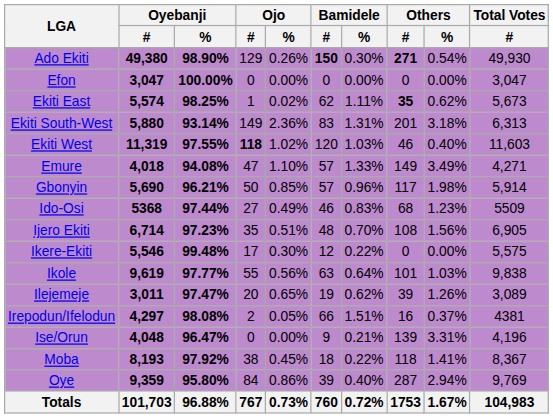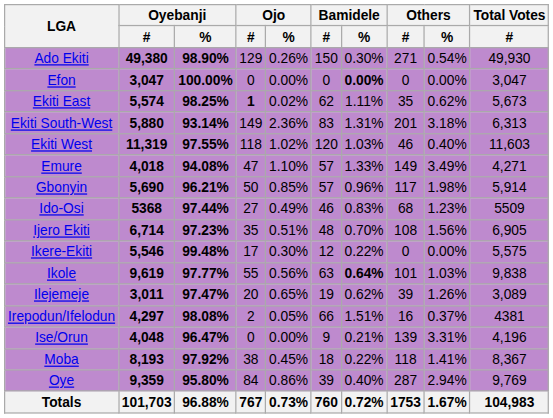 <table class="wikitable sortable" style=" font-size: 70%">
 <tr>
 <th rowspan="2">LGA</th>
 <th colspan="2">Oyebanji</th>
 <th colspan="2">Ojo</th>
 <th colspan="2">Bamidele</th>
 <th colspan="2">Others</th>
 <th>Total Votes</th>
 </tr>
 <tr>
 <th>#</th>
 <th>%</th>
 <th>#</th>
 <th>%</th>
 <th>#</th>
 <th>%</th>
 <th>#</th>
 <th>%</th>
 <th>#</th>
 </tr>
 <tr>
 <td bgcolor=#be8ace align="center"><a href='#'>Ado Ekiti</a></td>
 <td bgcolor=#be8ace align="center"><strong>49,380</strong></td>
 <td bgcolor=#be8ace align="center"><strong>98.90%</strong></td>
 <td bgcolor=#be8ace align="center">129</td>
 <td bgcolor=#be8ace align="center">0.26%</td>
-<td bgcolor=#be8ace align="center"><strong>150</strong></td>
+<td bgcolor=#be8ace align="center">150</td>
 <td bgcolor=#be8ace align="center">0.30%</td>
-<td bgcolor=#be8ace align="center"><strong>271</strong></td>
+<td bgcolor=#be8ace align="center">271</td>
 <td bgcolor=#be8ace align="center">0.54%</td>
 <td bgcolor=#be8ace align="center">49,930</td>
 </tr>
 <tr>
 <td bgcolor=#be8ace align="center"><a href='#'>Efon</a></td>
 <td bgcolor=#be8ace align="center"><strong>3,047</strong></td>
 <td bgcolor=#be8ace align="center"><strong>100.00%</strong></td>
 <td bgcolor=#be8ace align="center">0</td>
 <td bgcolor=#be8ace align="center">0.00%</td>
 <td bgcolor=#be8ace align="center">0</td>
-<td bgcolor=#be8ace align="center">0.00%</td>
+<td bgcolor=#be8ace align="center"><strong>0.00%</strong></td>
 <td bgcolor=#be8ace align="center">0</td>
 <td bgcolor=#be8ace align="center">0.00%</td>
 <td bgcolor=#be8ace align="center">3,047</td>
 </tr>
 <tr>
 <td bgcolor=#be8ace align="center"><a href='#'>Ekiti East</a></td>
 <td bgcolor=#be8ace align="center"><strong>5,574</strong></td>
 <td bgcolor=#be8ace align="center"><strong>98.25%</strong></td>
-<td bgcolor=#be8ace align="center">1</td>
+<td bgcolor=#be8ace align="center"><strong>1</strong></td>
 <td bgcolor=#be8ace align="center">0.02%</td>
 <td bgcolor=#be8ace align="center">62</td>
 <td bgcolor=#be8ace align="center">1.11%</td>
-<td bgcolor=#be8ace align="center"><strong>35</strong></td>
+<td bgcolor=#be8ace align="center">35</td>
 <td bgcolor=#be8ace align="center">0.62%</td>
 <td bgcolor=#be8ace align="center">5,673</td>
 </tr>
 <tr>
 <td bgcolor=#be8ace align="center"><a href='#'>Ekiti South-West</a></td>
 <td bgcolor=#be8ace align="center"><strong>5,880</strong></td>
 <td bgcolor=#be8ace align="center"><strong>93.14%</strong></td>
 <td bgcolor=#be8ace align="center">149</td>
 <td bgcolor=#be8ace align="center">2.36%</td>
 <td bgcolor=#be8ace align="center">83</td>
 <td bgcolor=#be8ace align="center">1.31%</td>
 <td bgcolor=#be8ace align="center">201</td>
 <td bgcolor=#be8ace align="center">3.18%</td>
 <td bgcolor=#be8ace align="center">6,313</td>
 </tr>
 <tr>
 <td bgcolor=#be8ace align="center"><a href='#'>Ekiti West</a></td>
 <td bgcolor=#be8ace align="center"><strong>11,319</strong></td>
 <td bgcolor=#be8ace align="center"><strong>97.55%</strong></td>
-<td bgcolor=#be8ace align="center"><strong>118</strong></td>
+<td bgcolor=#be8ace align="center">118</td>
 <td bgcolor=#be8ace align="center">1.02%</td>
 <td bgcolor=#be8ace align="center">120</td>
 <td bgcolor=#be8ace align="center">1.03%</td>
 <td bgcolor=#be8ace align="center">46</td>
 <td bgcolor=#be8ace align="center">0.40%</td>
 <td bgcolor=#be8ace align="center">11,603</td>
 </tr>
 <tr>
 <td bgcolor=#be8ace align="center"><a href='#'>Emure</a></td>
 <td bgcolor=#be8ace align="center"><strong>4,018</strong></td>
 <td bgcolor=#be8ace align="center"><strong>94.08%</strong></td>
 <td bgcolor=#be8ace align="center">47</td>
 <td bgcolor=#be8ace align="center">1.10%</td>
 <td bgcolor=#be8ace align="center">57</td>
 <td bgcolor=#be8ace align="center">1.33%</td>
 <td bgcolor=#be8ace align="center">149</td>
 <td bgcolor=#be8ace align="center">3.49%</td>
 <td bgcolor=#be8ace align="center">4,271</td>
 </tr>
 <tr>
 <td bgcolor=#be8ace align="center"><a href='#'>Gbonyin</a></td>
 <td bgcolor=#be8ace align="center"><strong>5,690</strong></td>
 <td bgcolor=#be8ace align="center"><strong>96.21%</strong></td>
 <td bgcolor=#be8ace align="center">50</td>
 <td bgcolor=#be8ace align="center">0.85%</td>
 <td bgcolor=#be8ace align="center">57</td>
 <td bgcolor=#be8ace align="center">0.96%</td>
 <td bgcolor=#be8ace align="center">117</td>
 <td bgcolor=#be8ace align="center">1.98%</td>
 <td bgcolor=#be8ace align="center">5,914</td>
 </tr>
 <tr>
 <td bgcolor=#be8ace align="center"><a href='#'>Ido-Osi</a></td>
 <td bgcolor=#be8ace align="center"><strong>5368</strong></td>
 <td bgcolor=#be8ace align="center"><strong>97.44%</strong></td>
 <td bgcolor=#be8ace align="center">27</td>
 <td bgcolor=#be8ace align="center">0.49%</td>
 <td bgcolor=#be8ace align="center">46</td>
 <td bgcolor=#be8ace align="center">0.83%</td>
 <td bgcolor=#be8ace align="center">68</td>
 <td bgcolor=#be8ace align="center">1.23%</td>
 <td bgcolor=#be8ace align="center">5509</td>
 </tr>
 <tr>
 <td bgcolor=#be8ace align="center"><a href='#'>Ijero Ekiti</a></td>
 <td bgcolor=#be8ace align="center"><strong>6,714</strong></td>
 <td bgcolor=#be8ace align="center"><strong>97.23%</strong></td>
 <td bgcolor=#be8ace align="center">35</td>
 <td bgcolor=#be8ace align="center">0.51%</td>
 <td bgcolor=#be8ace align="center">48</td>
 <td bgcolor=#be8ace align="center">0.70%</td>
 <td bgcolor=#be8ace align="center">108</td>
 <td bgcolor=#be8ace align="center">1.56%</td>
 <td bgcolor=#be8ace align="center">6,905</td>
 </tr>
 <tr>
 <td bgcolor=#be8ace align="center"><a href='#'>Ikere-Ekiti</a></td>
 <td bgcolor=#be8ace align="center"><strong>5,546</strong></td>
 <td bgcolor=#be8ace align="center"><strong>99.48%</strong></td>
 <td bgcolor=#be8ace align="center">17</td>
 <td bgcolor=#be8ace align="center">0.30%</td>
 <td bgcolor=#be8ace align="center">12</td>
 <td bgcolor=#be8ace align="center">0.22%</td>
 <td bgcolor=#be8ace align="center">0</td>
 <td bgcolor=#be8ace align="center">0.00%</td>
 <td bgcolor=#be8ace align="center">5,575</td>
 </tr>
 <tr>
 <td bgcolor=#be8ace align="center"><a href='#'>Ikole</a></td>
 <td bgcolor=#be8ace align="center"><strong>9,619</strong></td>
 <td bgcolor=#be8ace align="center"><strong>97.77%</strong></td>
 <td bgcolor=#be8ace align="center">55</td>
 <td bgcolor=#be8ace align="center">0.56%</td>
 <td bgcolor=#be8ace align="center">63</td>
-<td bgcolor=#be8ace align="center">0.64%</td>
+<td bgcolor=#be8ace align="center"><strong>0.64%</strong></td>
 <td bgcolor=#be8ace align="center">101</td>
 <td bgcolor=#be8ace align="center">1.03%</td>
 <td bgcolor=#be8ace align="center">9,838</td>
 </tr>
 <tr>
 <td bgcolor=#be8ace align="center"><a href='#'>Ilejemeje</a></td>
 <td bgcolor=#be8ace align="center"><strong>3,011</strong></td>
 <td bgcolor=#be8ace align="center"><strong>97.47%</strong></td>
 <td bgcolor=#be8ace align="center">20</td>
 <td bgcolor=#be8ace align="center">0.65%</td>
 <td bgcolor=#be8ace align="center">19</td>
 <td bgcolor=#be8ace align="center">0.62%</td>
 <td bgcolor=#be8ace align="center">39</td>
 <td bgcolor=#be8ace align="center">1.26%</td>
 <td bgcolor=#be8ace align="center">3,089</td>
 </tr>
 <tr>
 <td bgcolor=#be8ace align="center"><a href='#'>Irepodun/Ifelodun</a></td>
 <td bgcolor=#be8ace align="center"><strong>4,297</strong></td>
 <td bgcolor=#be8ace align="center"><strong>98.08%</strong></td>
 <td bgcolor=#be8ace align="center">2</td>
 <td bgcolor=#be8ace align="center">0.05%</td>
 <td bgcolor=#be8ace align="center">66</td>
 <td bgcolor=#be8ace align="center">1.51%</td>
 <td bgcolor=#be8ace align="center">16</td>
 <td bgcolor=#be8ace align="center">0.37%</td>
 <td bgcolor=#be8ace align="center">4381</td>
 </tr>
 <tr>
 <td bgcolor=#be8ace align="center"><a href='#'>Ise/Orun</a></td>
 <td bgcolor=#be8ace align="center"><strong>4,048</strong></td>
 <td bgcolor=#be8ace align="center"><strong>96.47%</strong></td>
 <td bgcolor=#be8ace align="center">0</td>
 <td bgcolor=#be8ace align="center">0.00%</td>
 <td bgcolor=#be8ace align="center">9</td>
 <td bgcolor=#be8ace align="center">0.21%</td>
 <td bgcolor=#be8ace align="center">139</td>
 <td bgcolor=#be8ace align="center">3.31%</td>
 <td bgcolor=#be8ace align="center">4,196</td>
 </tr>
 <tr>
 <td bgcolor=#be8ace align="center"><a href='#'>Moba</a></td>
 <td bgcolor=#be8ace align="center"><strong>8,193</strong></td>
 <td bgcolor=#be8ace align="center"><strong>97.92%</strong></td>
 <td bgcolor=#be8ace align="center">38</td>
 <td bgcolor=#be8ace align="center">0.45%</td>
 <td bgcolor=#be8ace align="center">18</td>
 <td bgcolor=#be8ace align="center">0.22%</td>
 <td bgcolor=#be8ace align="center">118</td>
 <td bgcolor=#be8ace align="center">1.41%</td>
 <td bgcolor=#be8ace align="center">8,367</td>
 </tr>
 <tr>
 <td bgcolor=#be8ace align="center"><a href='#'>Oye</a></td>
 <td bgcolor=#be8ace align="center"><strong>9,359</strong></td>
 <td bgcolor=#be8ace align="center"><strong>95.80%</strong></td>
 <td bgcolor=#be8ace align="center">84</td>
 <td bgcolor=#be8ace align="center">0.86%</td>
 <td bgcolor=#be8ace align="center">39</td>
 <td bgcolor=#be8ace align="center">0.40%</td>
 <td bgcolor=#be8ace align="center">287</td>
 <td bgcolor=#be8ace align="center">2.94%</td>
 <td bgcolor=#be8ace align="center">9,769</td>
 </tr>
 <tr>
 <th>Totals</th>
 <th><strong>101,703</strong></th>
 <th><strong>96.88%</strong></th>
 <th><strong>767</strong></th>
 <th><strong>0.73%</strong></th>
 <th><strong>760</strong></th>
 <th><strong>0.72%</strong></th>
 <th><strong>1753</strong></th>
 <th><strong>1.67%</strong></th>
 <th>104,983</th>
 </tr>
 </table>
